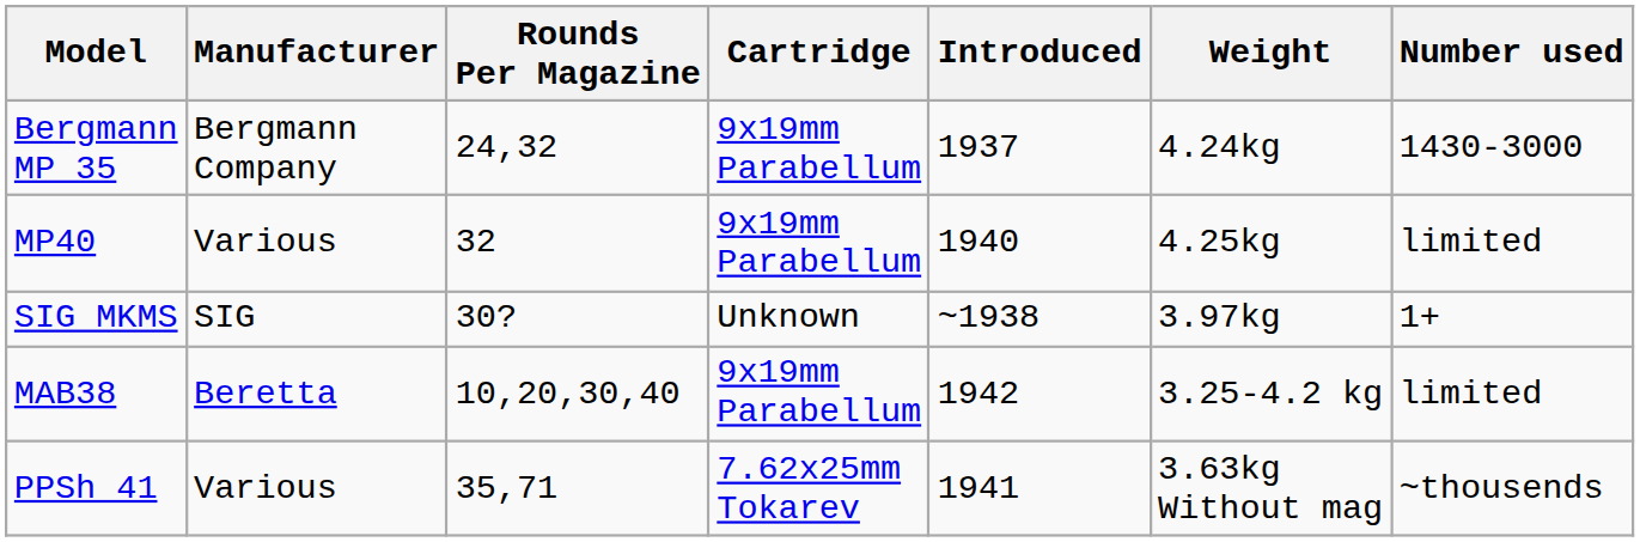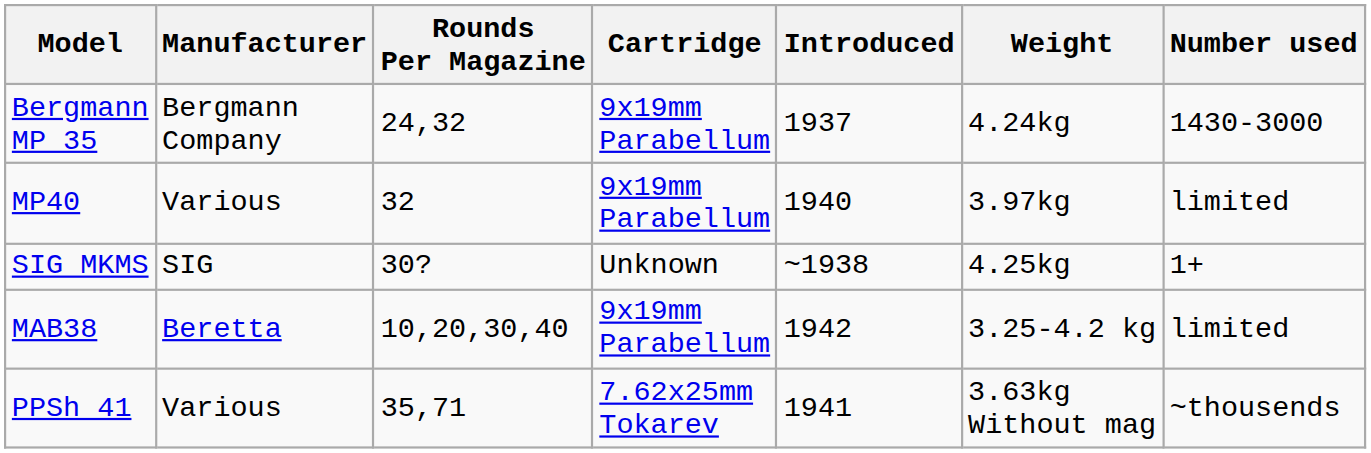 <table class="wikitable">
 <tr>
 <th>Model</th>
 <th>Manufacturer</th>
 <th>Rounds<br>Per Magazine</th>
 <th>Cartridge</th>
 <th>Introduced</th>
 <th>Weight</th>
 <th>Number used</th>
 </tr>
 <tr>
 <td><a href='#'>Bergmann</a><br><a href='#'>MP 35</a></td>
 <td>Bergmann<br>Company</td>
 <td>24,32</td>
 <td><a href='#'>9x19mm</a><br><a href='#'>Parabellum</a></td>
 <td>1937</td>
 <td>4.24kg</td>
 <td>1430-3000</td>
 </tr>
 <tr>
 <td><a href='#'>MP40</a></td>
 <td>Various</td>
 <td>32</td>
 <td><a href='#'>9x19mm</a><br><a href='#'>Parabellum</a></td>
 <td>1940</td>
-<td>4.25kg</td>
+<td>3.97kg</td>
 <td>limited</td>
 </tr>
 <tr>
 <td><a href='#'>SIG MKMS</a></td>
 <td>SIG</td>
 <td>30?</td>
 <td>Unknown</td>
 <td>~1938</td>
-<td>3.97kg</td>
+<td>4.25kg</td>
 <td>1+</td>
 </tr>
 <tr>
 <td><a href='#'>MAB38</a></td>
 <td><a href='#'>Beretta</a></td>
 <td>10,20,30,40</td>
 <td><a href='#'>9x19mm</a><br><a href='#'>Parabellum</a></td>
 <td>1942</td>
 <td>3.25-4.2 kg</td>
 <td>limited</td>
 </tr>
 <tr>
 <td><a href='#'>PPSh 41</a></td>
 <td>Various</td>
 <td>35,71</td>
 <td><a href='#'>7.62x25mm</a><br><a href='#'>Tokarev</a></td>
 <td>1941</td>
 <td>3.63kg<br>Without mag</td>
 <td>~thousends</td>
 </tr>
 </table>
